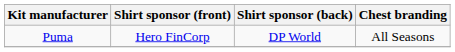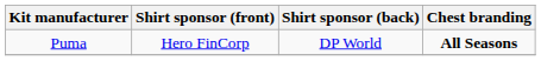 <table class="wikitable" style="text-align:center">
 <tr>
 <th>Kit manufacturer</th>
 <th>Shirt sponsor (front)</th>
 <th>Shirt sponsor (back)</th>
 <th>Chest branding</th>
 </tr>
 <tr>
 <td><a href='#'>Puma</a></td>
 <td><a href='#'>Hero FinCorp</a></td>
 <td><a href='#'>DP World</a></td>
-<td>All Seasons</td>
+<td><strong>All Seasons</strong></td>
 </tr>
 <tr>
 </tr>
 </table>
